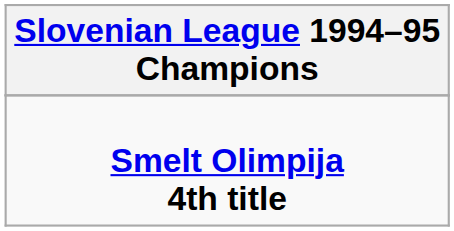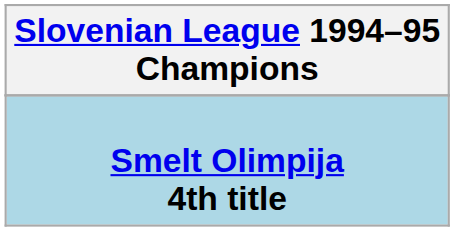 <table class="wikitable" style="text-align: center; margin: 0 auto;">
 <tr>
 <th><a href='#'>Slovenian League</a> 1994–95<br>Champions</th>
 </tr>
 <tr>
 </tr>
 <tr>
-<td><br><strong><a href='#'>Smelt Olimpija</a></strong><br><strong>4th title</strong></td>
+<td style="background: lightblue;"><br><strong><a href='#'>Smelt Olimpija</a></strong><br><strong>4th title</strong></td>
 </tr>
 </table>
